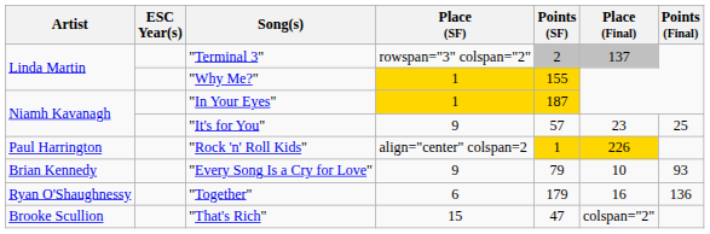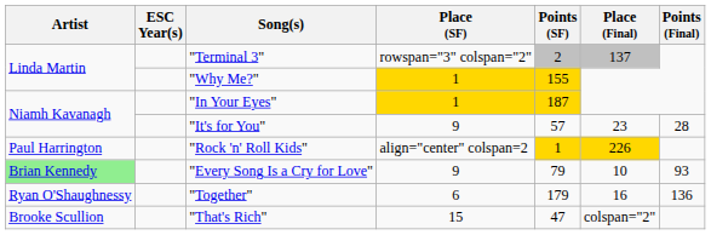 <table class="wikitable mw-collapsible">
 <tr>
 <th>Artist</th>
 <th>ESC<br>Year(s)</th>
 <th>Song(s)</th>
 <th>Place<br><small>(SF)</small></th>
 <th>Points<br><small>(SF)</small></th>
 <th>Place<br><small>(Final)</small></th>
 <th>Points<br><small>(Final)</small></th>
 </tr>
 <tr>
 <td rowspan="2"><a href='#'>Linda Martin</a></td>
 <td align="center"></td>
 <td>"<a href='#'>Terminal 3</a>"</td>
 <td>rowspan="3" colspan="2" </td>
 <td align="center" bgcolor="silver">2</td>
 <td align="center" bgcolor="silver">137</td>
 </tr>
 <tr>
 <td align="center"></td>
 <td>"<a href='#'>Why Me?</a>"</td>
 <td align="center" bgcolor="gold">1</td>
 <td align="center" bgcolor="gold">155</td>
 </tr>
 <tr>
 <td rowspan="2"><a href='#'>Niamh Kavanagh</a></td>
 <td align="center"></td>
 <td>"<a href='#'>In Your Eyes</a>"</td>
 <td align="center" bgcolor="gold">1</td>
 <td align="center" bgcolor="gold">187</td>
 </tr>
 <tr>
 <td align="center"></td>
 <td>"<a href='#'>It's for You</a>"</td>
 <td align="center">9</td>
 <td align="center">57</td>
 <td align="center">23</td>
-<td align="center">25</td>
+<td align="center">28</td>
 </tr>
 <tr>
 <td><a href='#'>Paul Harrington</a></td>
 <td align="center"></td>
 <td>"<a href='#'>Rock 'n' Roll Kids</a>" </td>
 <td>align="center" colspan=2 </td>
 <td align="center" bgcolor="gold">1</td>
 <td align="center" bgcolor="gold">226</td>
 </tr>
 <tr>
-<td><a href='#'>Brian Kennedy</a></td>
+<td style="background: lightgreen;"><a href='#'>Brian Kennedy</a></td>
 <td align="center"></td>
 <td>"<a href='#'>Every Song Is a Cry for Love</a>"</td>
 <td align="center">9</td>
 <td align="center">79</td>
 <td align="center">10</td>
 <td align="center">93</td>
 </tr>
 <tr>
 <td><a href='#'>Ryan O'Shaughnessy</a></td>
 <td align="center"></td>
 <td>"<a href='#'>Together</a>"</td>
 <td align="center">6</td>
 <td align="center">179</td>
 <td align="center">16</td>
 <td align="center">136</td>
 </tr>
 <tr>
 <td><a href='#'>Brooke Scullion</a></td>
 <td align="center"></td>
 <td>"<a href='#'>That's Rich</a>"</td>
 <td align="center">15</td>
 <td align="center">47</td>
 <td>colspan="2" </td>
 </tr>
 </table>
